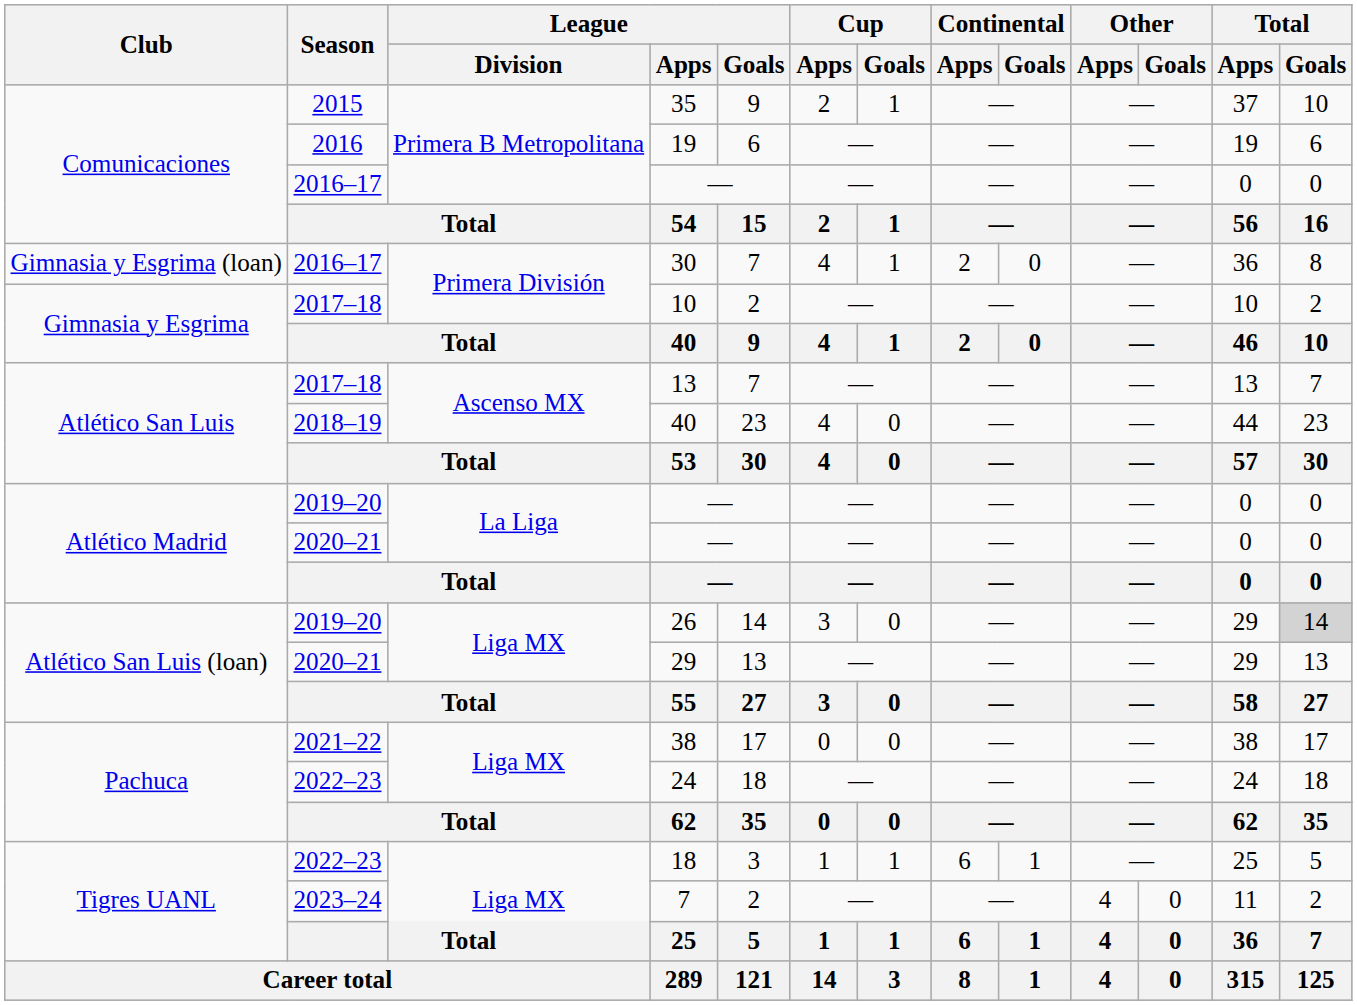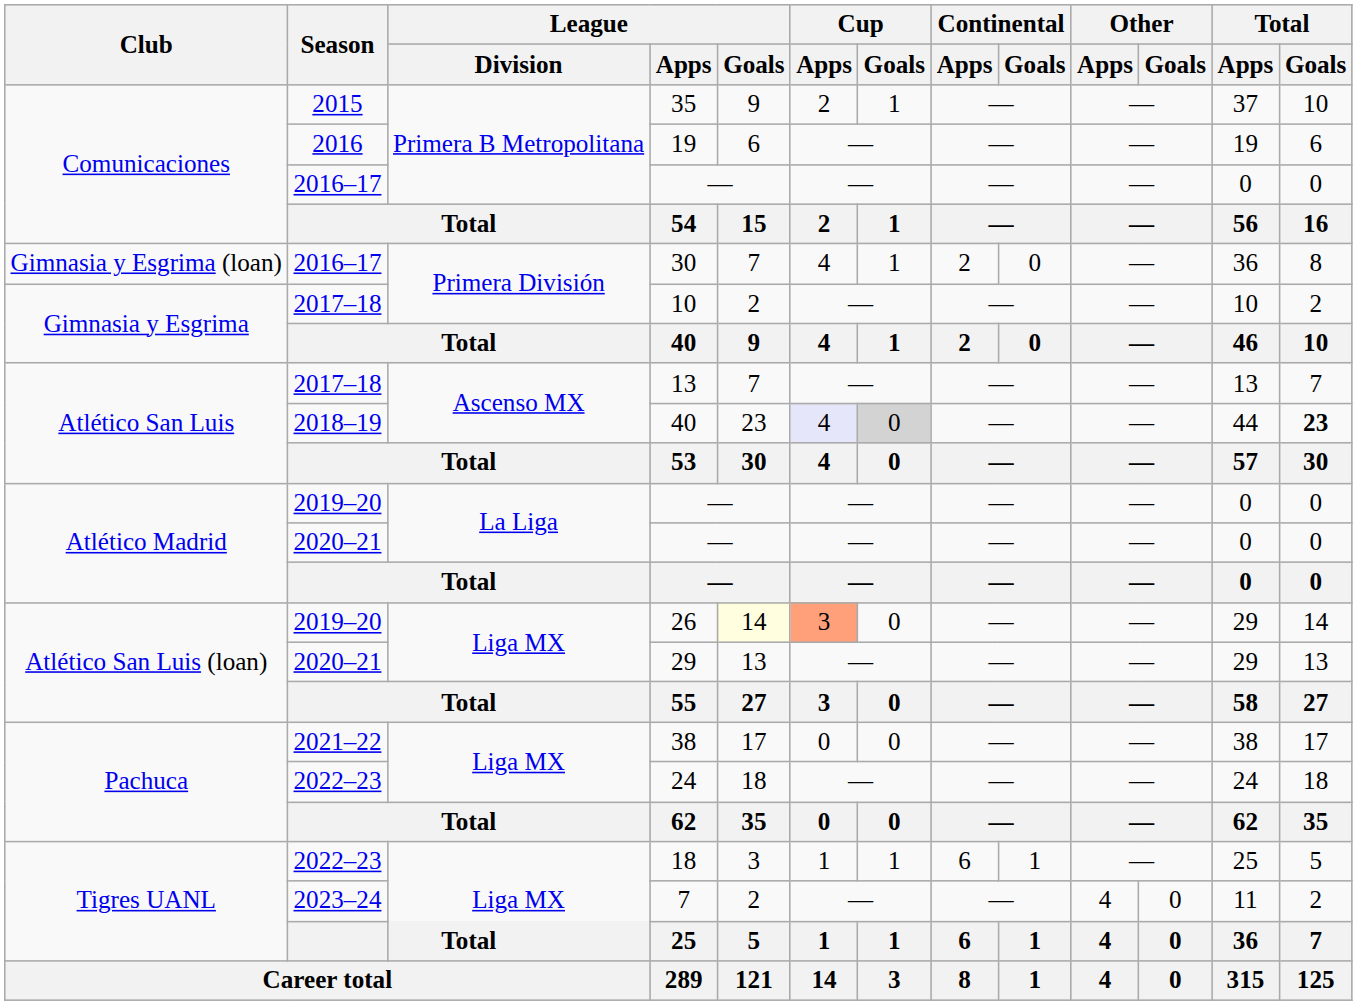 <table class="wikitable" style="text-align:center">
 <tr>
 <th rowspan="2">Club</th>
 <th rowspan="2">Season</th>
 <th colspan="3">League</th>
 <th colspan="2">Cup</th>
 <th colspan="2">Continental</th>
 <th colspan="2">Other</th>
 <th colspan="2">Total</th>
 </tr>
 <tr>
 <th>Division</th>
 <th>Apps</th>
 <th>Goals</th>
 <th>Apps</th>
 <th>Goals</th>
 <th>Apps</th>
 <th>Goals</th>
 <th>Apps</th>
 <th>Goals</th>
 <th>Apps</th>
 <th>Goals</th>
 </tr>
 <tr>
 <td rowspan="4"><a href='#'>Comunicaciones</a></td>
 <td><a href='#'>2015</a></td>
 <td rowspan="3"><a href='#'>Primera B Metropolitana</a></td>
 <td>35</td>
 <td>9</td>
 <td>2</td>
 <td>1</td>
 <td colspan="2">—</td>
 <td colspan="2">—</td>
 <td>37</td>
 <td>10</td>
 </tr>
 <tr>
 <td><a href='#'>2016</a></td>
 <td>19</td>
 <td>6</td>
 <td colspan="2">—</td>
 <td colspan="2">—</td>
 <td colspan="2">—</td>
 <td>19</td>
 <td>6</td>
 </tr>
 <tr>
 <td><a href='#'>2016–17</a></td>
 <td colspan="2">—</td>
 <td colspan="2">—</td>
 <td colspan="2">—</td>
 <td colspan="2">—</td>
 <td>0</td>
 <td>0</td>
 </tr>
 <tr>
 <th colspan="2">Total</th>
 <th>54</th>
 <th>15</th>
 <th>2</th>
 <th>1</th>
 <th colspan="2">—</th>
 <th colspan="2">—</th>
 <th>56</th>
 <th>16</th>
 </tr>
 <tr>
 <td rowspan="1"><a href='#'>Gimnasia y Esgrima</a> (loan)</td>
 <td><a href='#'>2016–17</a></td>
 <td rowspan="2"><a href='#'>Primera División</a></td>
 <td>30</td>
 <td>7</td>
 <td>4</td>
 <td>1</td>
 <td>2</td>
 <td>0</td>
 <td colspan="2">—</td>
 <td>36</td>
 <td>8</td>
 </tr>
 <tr>
 <td rowspan="2"><a href='#'>Gimnasia y Esgrima</a></td>
 <td><a href='#'>2017–18</a></td>
 <td>10</td>
 <td>2</td>
 <td colspan="2">—</td>
 <td colspan="2">—</td>
 <td colspan="2">—</td>
 <td>10</td>
 <td>2</td>
 </tr>
 <tr>
 <th colspan="2">Total</th>
 <th>40</th>
 <th>9</th>
 <th>4</th>
 <th>1</th>
 <th>2</th>
 <th>0</th>
 <th colspan="2">—</th>
 <th>46</th>
 <th>10</th>
 </tr>
 <tr>
 <td rowspan="3"><a href='#'>Atlético San Luis</a></td>
 <td><a href='#'>2017–18</a></td>
 <td rowspan="2"><a href='#'>Ascenso MX</a></td>
 <td>13</td>
 <td>7</td>
 <td colspan="2">—</td>
 <td colspan="2">—</td>
 <td colspan="2">—</td>
 <td>13</td>
 <td>7</td>
 </tr>
 <tr>
 <td><a href='#'>2018–19</a></td>
 <td>40</td>
 <td>23</td>
-<td>4</td>
-<td>0</td>
+<td style="background: lavender;">4</td>
+<td style="background: lightgrey;">0</td>
 <td colspan="2">—</td>
 <td colspan="2">—</td>
 <td>44</td>
-<td>23</td>
+<td><strong>23</strong></td>
 </tr>
 <tr>
 <th colspan="2">Total</th>
 <th>53</th>
 <th>30</th>
 <th>4</th>
 <th>0</th>
 <th colspan="2">—</th>
 <th colspan="2">—</th>
 <th>57</th>
 <th>30</th>
 </tr>
 <tr>
 <td rowspan="3"><a href='#'>Atlético Madrid</a></td>
 <td><a href='#'>2019–20</a></td>
 <td rowspan="2"><a href='#'>La Liga</a></td>
 <td colspan="2">—</td>
 <td colspan="2">—</td>
 <td colspan="2">—</td>
 <td colspan="2">—</td>
 <td>0</td>
 <td>0</td>
 </tr>
 <tr>
 <td><a href='#'>2020–21</a></td>
 <td colspan="2">—</td>
 <td colspan="2">—</td>
 <td colspan="2">—</td>
 <td colspan="2">—</td>
 <td>0</td>
 <td>0</td>
 </tr>
 <tr>
 <th colspan="2">Total</th>
 <th colspan="2">—</th>
 <th colspan="2">—</th>
 <th colspan="2">—</th>
 <th colspan="2">—</th>
 <th>0</th>
 <th>0</th>
 </tr>
 <tr>
 <td rowspan="3"><a href='#'>Atlético San Luis</a> (loan)</td>
 <td><a href='#'>2019–20</a></td>
 <td rowspan="2"><a href='#'>Liga MX</a></td>
 <td>26</td>
-<td>14</td>
-<td>3</td>
+<td style="background: lightyellow;">14</td>
+<td style="background: lightsalmon;">3</td>
 <td>0</td>
 <td colspan="2">—</td>
 <td colspan="2">—</td>
 <td>29</td>
-<td style="background: lightgrey;">14</td>
+<td>14</td>
 </tr>
 <tr>
 <td><a href='#'>2020–21</a></td>
 <td>29</td>
 <td>13</td>
 <td colspan="2">—</td>
 <td colspan="2">—</td>
 <td colspan="2">—</td>
 <td>29</td>
 <td>13</td>
 </tr>
 <tr>
 <th colspan="2">Total</th>
 <th>55</th>
 <th>27</th>
 <th>3</th>
 <th>0</th>
 <th colspan="2">—</th>
 <th colspan="2">—</th>
 <th>58</th>
 <th>27</th>
 </tr>
 <tr>
 <td rowspan="3"><a href='#'>Pachuca</a></td>
 <td><a href='#'>2021–22</a></td>
 <td rowspan="2"><a href='#'>Liga MX</a></td>
 <td>38</td>
 <td>17</td>
 <td>0</td>
 <td>0</td>
 <td colspan="2">—</td>
 <td colspan="2">—</td>
 <td>38</td>
 <td>17</td>
 </tr>
 <tr>
 <td><a href='#'>2022–23</a></td>
 <td>24</td>
 <td>18</td>
 <td colspan="2">—</td>
 <td colspan="2">—</td>
 <td colspan="2">—</td>
 <td>24</td>
 <td>18</td>
 </tr>
 <tr>
 <th colspan="2">Total</th>
 <th>62</th>
 <th>35</th>
 <th>0</th>
 <th>0</th>
 <th colspan="2">—</th>
 <th colspan="2">—</th>
 <th>62</th>
 <th>35</th>
 </tr>
 <tr>
 <td rowspan="3"><a href='#'>Tigres UANL</a></td>
 <td><a href='#'>2022–23</a></td>
 <td rowspan="3"><a href='#'>Liga MX</a></td>
 <td>18</td>
 <td>3</td>
 <td>1</td>
 <td>1</td>
 <td>6</td>
 <td>1</td>
 <td colspan="2">—</td>
 <td>25</td>
 <td>5</td>
 </tr>
 <tr>
 <td><a href='#'>2023–24</a></td>
 <td>7</td>
 <td>2</td>
 <td colspan="2">—</td>
 <td colspan="2">—</td>
 <td>4</td>
 <td>0</td>
 <td>11</td>
 <td>2</td>
 </tr>
 <tr>
 <th colspan="2">Total</th>
 <th>25</th>
 <th>5</th>
 <th>1</th>
 <th>1</th>
 <th>6</th>
 <th>1</th>
 <th>4</th>
 <th>0</th>
 <th>36</th>
 <th>7</th>
 </tr>
 <tr>
 <th colspan="3">Career total</th>
 <th>289</th>
 <th>121</th>
 <th>14</th>
 <th>3</th>
 <th>8</th>
 <th>1</th>
 <th>4</th>
 <th>0</th>
 <th>315</th>
 <th>125</th>
 </tr>
 </table>
